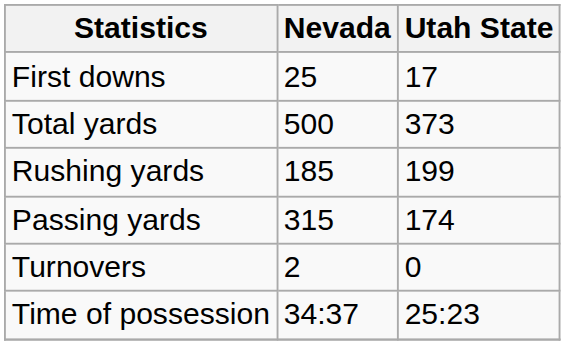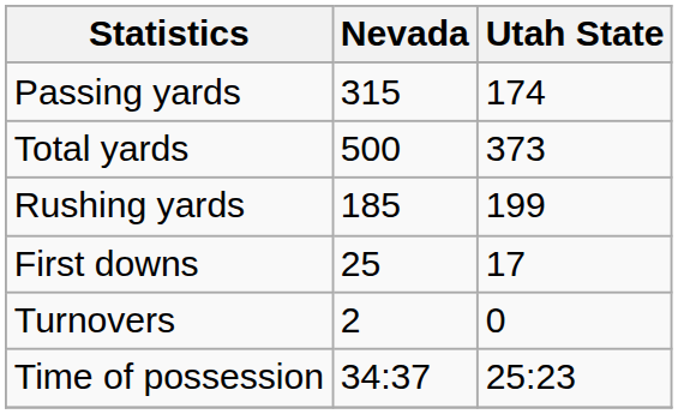 <table class="wikitable">
 <tr>
 <th>Statistics</th>
 <th>Nevada</th>
 <th>Utah State</th>
 </tr>
 <tr>
-<td>First downs</td>
-<td>25</td>
-<td>17</td>
+<td>Passing yards</td>
+<td>315</td>
+<td>174</td>
 </tr>
 <tr>
 <td>Total yards</td>
 <td>500</td>
 <td>373</td>
 </tr>
 <tr>
 <td>Rushing yards</td>
 <td>185</td>
 <td>199</td>
 </tr>
 <tr>
-<td>Passing yards</td>
-<td>315</td>
-<td>174</td>
+<td>First downs</td>
+<td>25</td>
+<td>17</td>
 </tr>
 <tr>
 <td>Turnovers</td>
 <td>2</td>
 <td>0</td>
 </tr>
 <tr>
 <td>Time of possession</td>
 <td>34:37</td>
 <td>25:23</td>
 </tr>
 <tr>
 </tr>
 </table>
